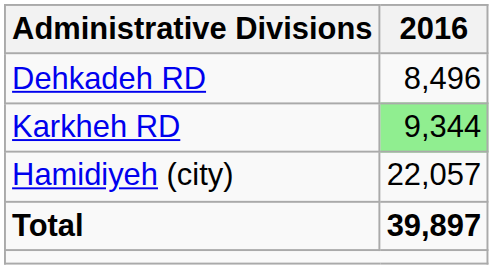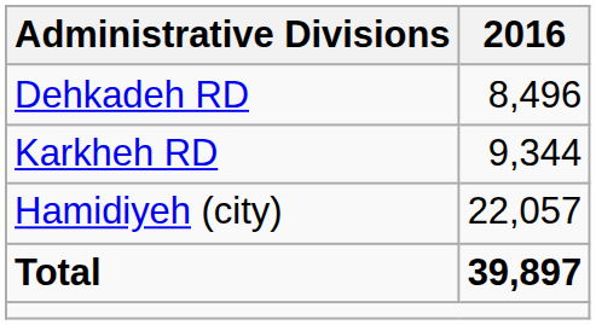 <table class="wikitable">
 <tr>
 <th>Administrative Divisions</th>
 <th>2016</th>
 </tr>
 <tr>
 <td><a href='#'>Dehkadeh RD</a></td>
 <td style="text-align: right;">8,496</td>
 </tr>
 <tr>
 <td><a href='#'>Karkheh RD</a></td>
-<td style="background: lightgreen; text-align: right;">9,344</td>
+<td style="text-align: right;">9,344</td>
 </tr>
 <tr>
 <td><a href='#'>Hamidiyeh</a> (city)</td>
 <td style="text-align: right;">22,057</td>
 </tr>
 <tr>
 <td><strong>Total</strong></td>
 <td style="text-align: right;"><strong>39,897</strong></td>
 </tr>
 <tr>
 <td colspan=2></td>
 </tr>
 </table>
